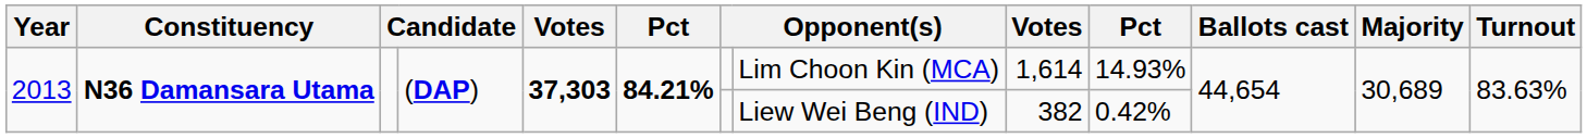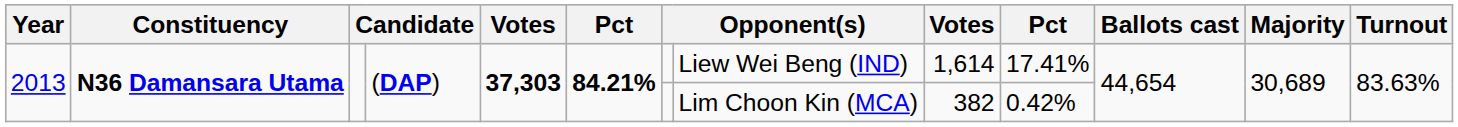 <table class="wikitable" style="margin:0.5em ; font-size:95%">
 <tr>
 <th>Year</th>
 <th>Constituency</th>
 <th colspan="2">Candidate</th>
 <th>Votes</th>
 <th>Pct</th>
 <th colspan="2">Opponent(s)</th>
 <th>Votes</th>
 <th>Pct</th>
 <th>Ballots cast</th>
 <th>Majority</th>
 <th>Turnout</th>
 </tr>
 <tr>
 <td rowspan="2"><a href='#'>2013</a></td>
 <td rowspan=2><strong>N36 <a href='#'>Damansara Utama</a></strong></td>
 <td rowspan="2" ></td>
 <td rowspan="2"> (<a href='#'><strong>DAP</strong></a>)</td>
 <td rowspan="2" style="text-align:right;"><strong>37,303</strong></td>
 <td rowspan="2"><strong>84.21%</strong></td>
 <td></td>
-<td>Lim Choon Kin (<a href='#'>MCA</a>)</td>
+<td>Liew Wei Beng (<a href='#'>IND</a>)</td>
 <td style="text-align:right;">1,614</td>
-<td>14.93%</td>
+<td>17.41%</td>
 <td rowspan="2">44,654</td>
 <td rowspan="2">30,689</td>
 <td rowspan="2">83.63%</td>
 </tr>
 <tr>
 <td></td>
-<td>Liew Wei Beng (<a href='#'>IND</a>)</td>
+<td>Lim Choon Kin (<a href='#'>MCA</a>)</td>
 <td style="text-align:right;">382</td>
 <td>0.42%</td>
 </tr>
 </table>
